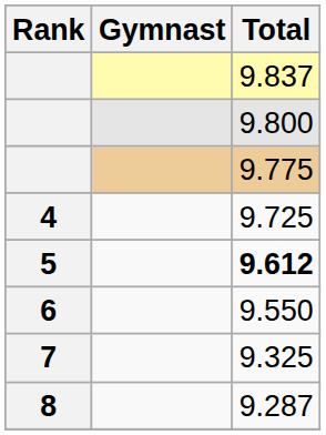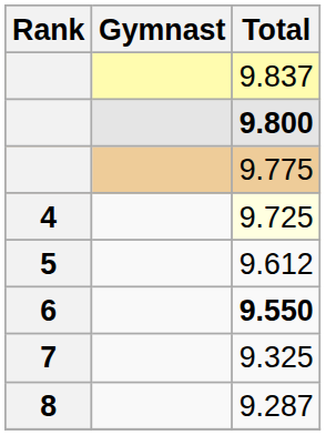 <table class="wikitable sortable" style="text-align:center; font-size:95%">
 <tr>
 <th scope=col>Rank</th>
 <th scope=col>Gymnast</th>
 <th scope=col>Total</th>
 </tr>
 <tr bgcolor=fffcaf>
 <th scope=row style="text-align:center"></th>
 <td align=left></td>
 <td>9.837</td>
 </tr>
 <tr bgcolor=e5e5e5>
 <th scope=row style="text-align:center"></th>
 <td align=left></td>
-<td>9.800</td>
+<td><strong>9.800</strong></td>
 </tr>
 <tr bgcolor=eecc99>
 <th scope=row style="text-align:center"></th>
 <td align=left></td>
 <td>9.775</td>
 </tr>
 <tr>
 <th scope=row style="text-align:center">4</th>
 <td align=left></td>
-<td>9.725</td>
+<td style="background: lightyellow;">9.725</td>
 </tr>
 <tr>
 <th scope=row style="text-align:center">5</th>
 <td align=left></td>
-<td><strong>9.612</strong></td>
+<td>9.612</td>
 </tr>
 <tr>
 <th scope=row style="text-align:center">6</th>
 <td align=left></td>
-<td>9.550</td>
+<td><strong>9.550</strong></td>
 </tr>
 <tr>
 <th scope=row style="text-align:center">7</th>
 <td align=left></td>
 <td>9.325</td>
 </tr>
 <tr>
 <th scope=row style="text-align:center">8</th>
 <td align=left></td>
 <td>9.287</td>
 </tr>
 <tr>
 </tr>
 </table>
